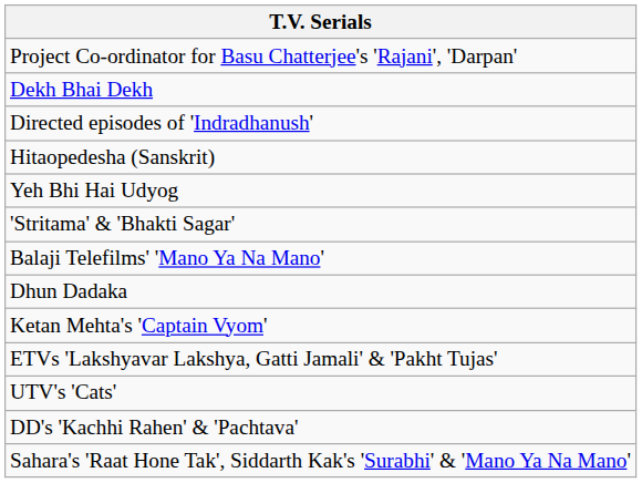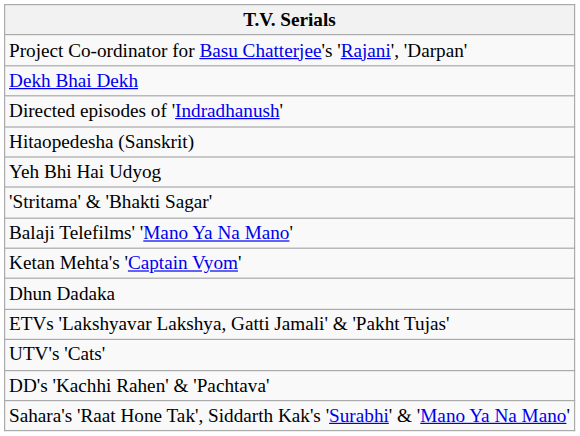 <table class="wikitable">
 <tr>
 <th><strong>T.V. Serials</strong></th>
 </tr>
 <tr>
 <td>Project Co-ordinator for <a href='#'>Basu Chatterjee</a>'s '<a href='#'>Rajani</a>', 'Darpan'</td>
 </tr>
 <tr>
 <td><a href='#'>Dekh Bhai Dekh</a></td>
 </tr>
 <tr>
 <td>Directed episodes of '<a href='#'>Indradhanush</a>'</td>
 </tr>
 <tr>
 <td>Hitaopedesha (Sanskrit)</td>
 </tr>
 <tr>
 <td>Yeh Bhi Hai Udyog</td>
 </tr>
 <tr>
 <td>'Stritama' & 'Bhakti Sagar'</td>
 </tr>
 <tr>
 <td>Balaji Telefilms' '<a href='#'>Mano Ya Na Mano</a>'</td>
 </tr>
 <tr>
-<td>Dhun Dadaka</td>
+<td>Ketan Mehta's '<a href='#'>Captain Vyom</a>'</td>
 </tr>
 <tr>
-<td>Ketan Mehta's '<a href='#'>Captain Vyom</a>'</td>
+<td>Dhun Dadaka</td>
 </tr>
 <tr>
 <td>ETVs 'Lakshyavar Lakshya, Gatti Jamali' & 'Pakht Tujas'</td>
 </tr>
 <tr>
 <td>UTV's 'Cats'</td>
 </tr>
 <tr>
 <td>DD's 'Kachhi Rahen' & 'Pachtava'</td>
 </tr>
 <tr>
 <td>Sahara's 'Raat Hone Tak', Siddarth Kak's '<a href='#'>Surabhi</a>' & '<a href='#'>Mano Ya Na Mano</a>'</td>
 </tr>
 </table>
